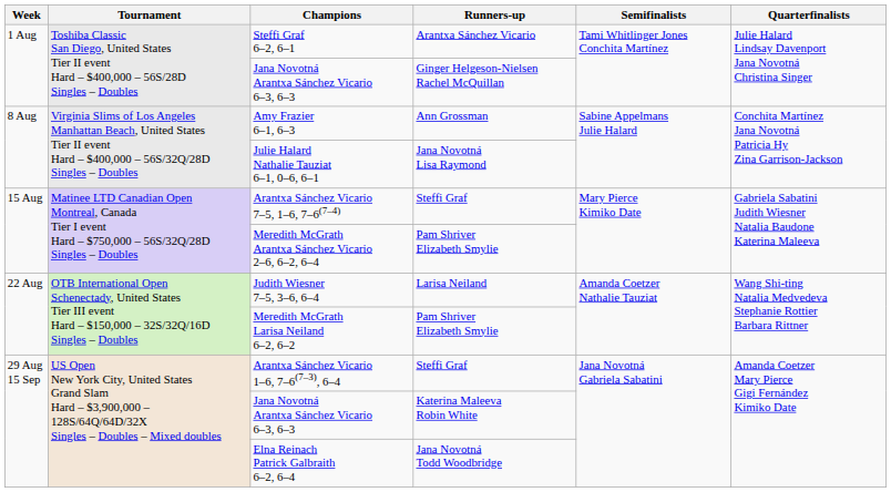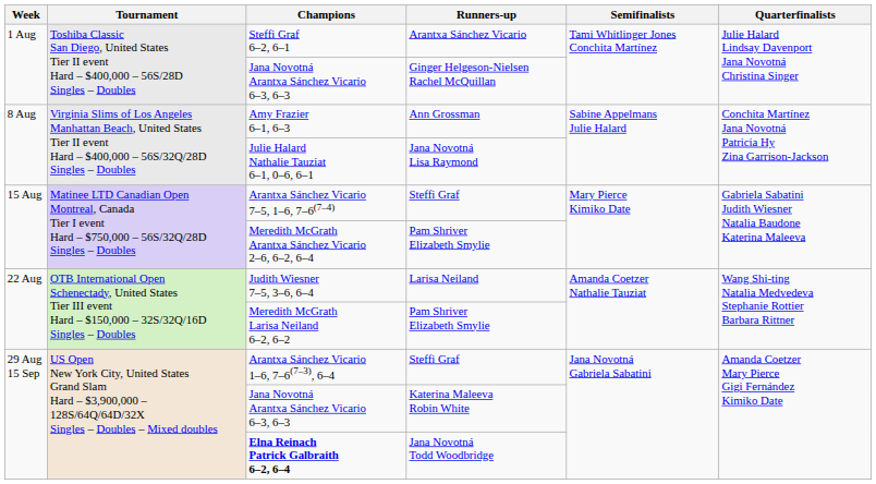 <table class=wikitable style=font-size:95%>
 <tr>
 <th style="width:48px;">Week</th>
 <th style="width:250px;">Tournament</th>
 <th style="width:200px;">Champions</th>
 <th style="width:200px;">Runners-up</th>
 <th style="width:190px;">Semifinalists</th>
 <th style="width:190px;">Quarterfinalists</th>
 </tr>
 <tr valign=top>
 <td rowspan=2>1 Aug</td>
 <td rowspan=2 style=background:#e9e9e9;><a href='#'>Toshiba Classic</a><br> <a href='#'>San Diego</a>, United States<br>Tier II event<br>Hard – $400,000 – 56S/28D<br> <a href='#'>Singles</a> – <a href='#'>Doubles</a></td>
 <td> <a href='#'>Steffi Graf</a><br>6–2, 6–1</td>
 <td> <a href='#'>Arantxa Sánchez Vicario</a></td>
 <td rowspan=2>  <a href='#'>Tami Whitlinger Jones</a><br> <a href='#'>Conchita Martínez</a></td>
 <td rowspan=2> <a href='#'>Julie Halard</a><br> <a href='#'>Lindsay Davenport</a><br> <a href='#'>Jana Novotná</a><br> <a href='#'>Christina Singer</a></td>
 </tr>
 <tr valign="top">
 <td> <a href='#'>Jana Novotná</a><br> <a href='#'>Arantxa Sánchez Vicario</a><br> 6–3, 6–3</td>
 <td> <a href='#'>Ginger Helgeson-Nielsen</a><br> <a href='#'>Rachel McQuillan</a></td>
 </tr>
 <tr valign=top>
 <td rowspan=2>8 Aug</td>
 <td rowspan=2 style=background:#e9e9e9;><a href='#'>Virginia Slims of Los Angeles</a><br> <a href='#'>Manhattan Beach</a>, United States<br>Tier II event<br>Hard – $400,000 – 56S/32Q/28D<br> <a href='#'>Singles</a> – <a href='#'>Doubles</a></td>
 <td> <a href='#'>Amy Frazier</a><br>6–1, 6–3</td>
 <td> <a href='#'>Ann Grossman</a></td>
 <td rowspan=2>  <a href='#'>Sabine Appelmans</a><br> <a href='#'>Julie Halard</a></td>
 <td rowspan=2> <a href='#'>Conchita Martínez</a><br> <a href='#'>Jana Novotná</a><br> <a href='#'>Patricia Hy</a><br> <a href='#'>Zina Garrison-Jackson</a></td>
 </tr>
 <tr valign="top">
 <td> <a href='#'>Julie Halard</a><br> <a href='#'>Nathalie Tauziat</a><br> 6–1, 0–6, 6–1</td>
 <td> <a href='#'>Jana Novotná</a><br> <a href='#'>Lisa Raymond</a></td>
 </tr>
 <tr valign=top>
 <td rowspan=2>15 Aug</td>
 <td rowspan=2 style=background:#d8cef6;><a href='#'>Matinee LTD Canadian Open</a><br> <a href='#'>Montreal</a>, Canada<br>Tier I event<br>Hard – $750,000 – 56S/32Q/28D<br> <a href='#'>Singles</a> – <a href='#'>Doubles</a></td>
 <td> <a href='#'>Arantxa Sánchez Vicario</a><br>7–5, 1–6, 7–6<sup>(7–4)</sup></td>
 <td> <a href='#'>Steffi Graf</a></td>
 <td rowspan=2>  <a href='#'>Mary Pierce</a><br> <a href='#'>Kimiko Date</a></td>
 <td rowspan=2> <a href='#'>Gabriela Sabatini</a><br> <a href='#'>Judith Wiesner</a><br> <a href='#'>Natalia Baudone</a><br> <a href='#'>Katerina Maleeva</a></td>
 </tr>
 <tr valign="top">
 <td> <a href='#'>Meredith McGrath</a><br> <a href='#'>Arantxa Sánchez Vicario</a><br> 2–6, 6–2, 6–4</td>
 <td> <a href='#'>Pam Shriver</a><br> <a href='#'>Elizabeth Smylie</a></td>
 </tr>
 <tr valign=top>
 <td rowspan=2>22 Aug</td>
 <td rowspan=2 style=background:#d4f1c5;><a href='#'>OTB International Open</a> <br> <a href='#'>Schenectady</a>, United States<br>Tier III event<br>Hard – $150,000 – 32S/32Q/16D<br> <a href='#'>Singles</a> – <a href='#'>Doubles</a></td>
 <td> <a href='#'>Judith Wiesner</a><br>7–5, 3–6, 6–4</td>
 <td> <a href='#'>Larisa Neiland</a></td>
 <td rowspan=2>  <a href='#'>Amanda Coetzer</a><br> <a href='#'>Nathalie Tauziat</a></td>
 <td rowspan=2> <a href='#'>Wang Shi-ting</a><br> <a href='#'>Natalia Medvedeva</a><br> <a href='#'>Stephanie Rottier</a><br> <a href='#'>Barbara Rittner</a></td>
 </tr>
 <tr valign="top">
 <td> <a href='#'>Meredith McGrath</a><br> <a href='#'>Larisa Neiland</a><br> 6–2, 6–2</td>
 <td> <a href='#'>Pam Shriver</a><br> <a href='#'>Elizabeth Smylie</a></td>
 </tr>
 <tr valign=top>
 <td rowspan=3>29 Aug<br>15 Sep</td>
 <td bgcolor="#F3E6D7" rowspan=3><a href='#'>US Open</a><br> New York City, United States<br>Grand Slam <br>Hard – $3,900,000 – 128S/64Q/64D/32X<br> <a href='#'>Singles</a> – <a href='#'>Doubles</a> – <a href='#'>Mixed doubles</a></td>
 <td> <a href='#'>Arantxa Sánchez Vicario</a><br>1–6, 7–6<sup>(7–3)</sup>, 6–4</td>
 <td> <a href='#'>Steffi Graf</a></td>
 <td rowspan=3>  <a href='#'>Jana Novotná</a><br> <a href='#'>Gabriela Sabatini</a></td>
 <td rowspan=3> <a href='#'>Amanda Coetzer</a><br> <a href='#'>Mary Pierce</a><br> <a href='#'>Gigi Fernández</a><br> <a href='#'>Kimiko Date</a></td>
 </tr>
 <tr valign=top>
 <td> <a href='#'>Jana Novotná</a><br> <a href='#'>Arantxa Sánchez Vicario</a><br> 6–3, 6–3</td>
 <td> <a href='#'>Katerina Maleeva</a><br> <a href='#'>Robin White</a></td>
 </tr>
 <tr valign=top>
-<td> <a href='#'>Elna Reinach</a><br> <a href='#'>Patrick Galbraith</a><br> 6–2, 6–4</td>
+<td><strong> <a href='#'>Elna Reinach</a><br> <a href='#'>Patrick Galbraith</a><br> 6–2, 6–4</strong></td>
 <td> <a href='#'>Jana Novotná</a><br> <a href='#'>Todd Woodbridge</a></td>
 </tr>
 </table>
